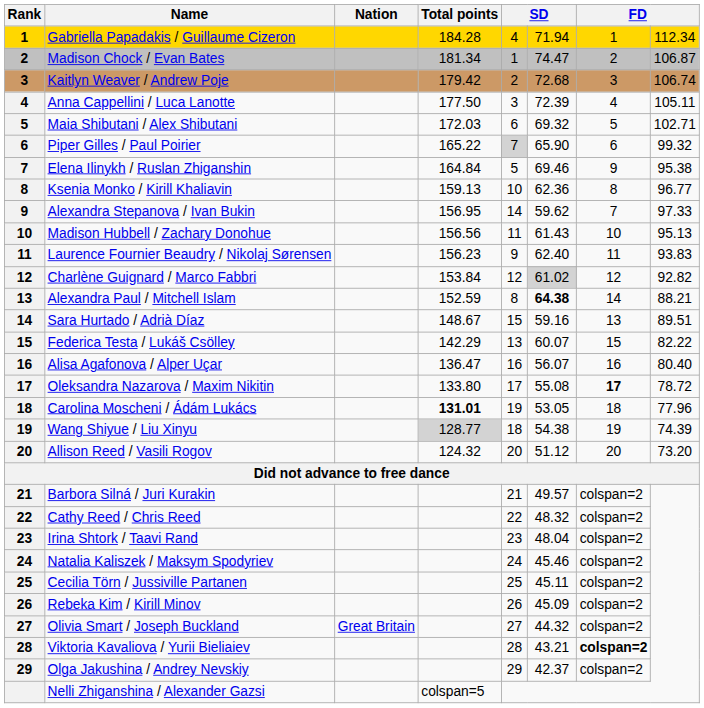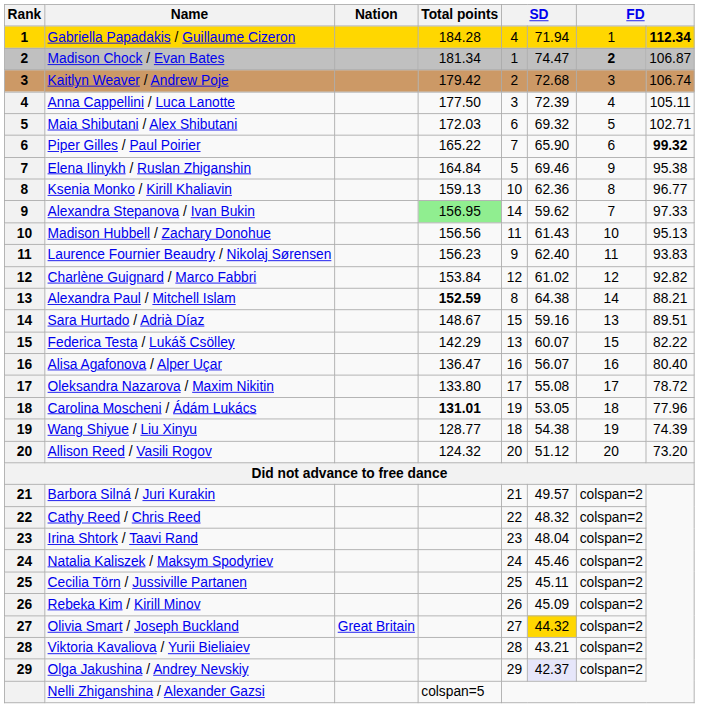 <table class="wikitable sortable">
 <tr>
 <th>Rank</th>
 <th>Name</th>
 <th>Nation</th>
 <th>Total points</th>
 <th colspan="2" width="80px"><a href='#'>SD</a></th>
 <th colspan="2" width="80px"><a href='#'>FD</a></th>
 </tr>
 <tr bgcolor="gold">
 <td align="center"><strong>1</strong></td>
 <td><a href='#'>Gabriella Papadakis</a> / <a href='#'>Guillaume Cizeron</a></td>
 <td></td>
 <td align="center">184.28</td>
 <td align="center">4</td>
 <td align="center">71.94</td>
 <td align="center">1</td>
-<td align="center">112.34</td>
+<td align="center"><strong>112.34</strong></td>
 </tr>
 <tr bgcolor="silver">
 <td align="center"><strong>2</strong></td>
 <td><a href='#'>Madison Chock</a> / <a href='#'>Evan Bates</a></td>
 <td></td>
 <td align="center">181.34</td>
 <td align="center">1</td>
 <td align="center">74.47</td>
-<td align="center">2</td>
+<td align="center"><strong>2</strong></td>
 <td align="center">106.87</td>
 </tr>
 <tr bgcolor="cc9966">
 <td align="center"><strong>3</strong></td>
 <td><a href='#'>Kaitlyn Weaver</a> / <a href='#'>Andrew Poje</a></td>
 <td></td>
 <td align="center">179.42</td>
 <td align="center">2</td>
 <td align="center">72.68</td>
 <td align="center">3</td>
 <td align="center">106.74</td>
 </tr>
 <tr>
 <th>4</th>
 <td><a href='#'>Anna Cappellini</a> / <a href='#'>Luca Lanotte</a></td>
 <td></td>
 <td align="center">177.50</td>
 <td align="center">3</td>
 <td align="center">72.39</td>
 <td align="center">4</td>
 <td align="center">105.11</td>
 </tr>
 <tr>
 <th>5</th>
 <td><a href='#'>Maia Shibutani</a> / <a href='#'>Alex Shibutani</a></td>
 <td></td>
 <td align="center">172.03</td>
 <td align="center">6</td>
 <td align="center">69.32</td>
 <td align="center">5</td>
 <td align="center">102.71</td>
 </tr>
 <tr>
 <th>6</th>
 <td><a href='#'>Piper Gilles</a> / <a href='#'>Paul Poirier</a></td>
 <td></td>
 <td align="center">165.22</td>
-<td align="center" style="background: lightgrey;">7</td>
+<td align="center">7</td>
 <td align="center">65.90</td>
 <td align="center">6</td>
-<td align="center">99.32</td>
+<td align="center"><strong>99.32</strong></td>
 </tr>
 <tr>
 <th>7</th>
 <td><a href='#'>Elena Ilinykh</a> / <a href='#'>Ruslan Zhiganshin</a></td>
 <td></td>
 <td align="center">164.84</td>
 <td align="center">5</td>
 <td align="center">69.46</td>
 <td align="center">9</td>
 <td align="center">95.38</td>
 </tr>
 <tr>
 <th>8</th>
 <td><a href='#'>Ksenia Monko</a> / <a href='#'>Kirill Khaliavin</a></td>
 <td></td>
 <td align="center">159.13</td>
 <td align="center">10</td>
 <td align="center">62.36</td>
 <td align="center">8</td>
 <td align="center">96.77</td>
 </tr>
 <tr>
 <th>9</th>
 <td><a href='#'>Alexandra Stepanova</a> / <a href='#'>Ivan Bukin</a></td>
 <td></td>
-<td align="center">156.95</td>
+<td align="center" style="background: lightgreen;">156.95</td>
 <td align="center">14</td>
 <td align="center">59.62</td>
 <td align="center">7</td>
 <td align="center">97.33</td>
 </tr>
 <tr>
 <th>10</th>
 <td><a href='#'>Madison Hubbell</a> / <a href='#'>Zachary Donohue</a></td>
 <td></td>
 <td align="center">156.56</td>
 <td align="center">11</td>
 <td align="center">61.43</td>
 <td align="center">10</td>
 <td align="center">95.13</td>
 </tr>
 <tr>
 <th>11</th>
 <td><a href='#'>Laurence Fournier Beaudry</a> / <a href='#'>Nikolaj Sørensen</a></td>
 <td></td>
 <td align="center">156.23</td>
 <td align="center">9</td>
 <td align="center">62.40</td>
 <td align="center">11</td>
 <td align="center">93.83</td>
 </tr>
 <tr>
 <th>12</th>
 <td><a href='#'>Charlène Guignard</a> / <a href='#'>Marco Fabbri</a></td>
 <td></td>
 <td align="center">153.84</td>
 <td align="center">12</td>
-<td align="center" style="background: lightgrey;">61.02</td>
+<td align="center">61.02</td>
 <td align="center">12</td>
 <td align="center">92.82</td>
 </tr>
 <tr>
 <th>13</th>
 <td><a href='#'>Alexandra Paul</a> / <a href='#'>Mitchell Islam</a></td>
 <td></td>
-<td align="center">152.59</td>
+<td align="center"><strong>152.59</strong></td>
 <td align="center">8</td>
-<td align="center"><strong>64.38</strong></td>
+<td align="center">64.38</td>
 <td align="center">14</td>
 <td align="center">88.21</td>
 </tr>
 <tr>
 <th>14</th>
 <td><a href='#'>Sara Hurtado</a> / <a href='#'>Adrià Díaz</a></td>
 <td></td>
 <td align="center">148.67</td>
 <td align="center">15</td>
 <td align="center">59.16</td>
 <td align="center">13</td>
 <td align="center">89.51</td>
 </tr>
 <tr>
 <th>15</th>
 <td><a href='#'>Federica Testa</a> / <a href='#'>Lukáš Csölley</a></td>
 <td></td>
 <td align="center">142.29</td>
 <td align="center">13</td>
 <td align="center">60.07</td>
 <td align="center">15</td>
 <td align="center">82.22</td>
 </tr>
 <tr>
 <th>16</th>
 <td><a href='#'>Alisa Agafonova</a> / <a href='#'>Alper Uçar</a></td>
 <td></td>
 <td align="center">136.47</td>
 <td align="center">16</td>
 <td align="center">56.07</td>
 <td align="center">16</td>
 <td align="center">80.40</td>
 </tr>
 <tr>
 <th>17</th>
 <td><a href='#'>Oleksandra Nazarova</a> / <a href='#'>Maxim Nikitin</a></td>
 <td></td>
 <td align="center">133.80</td>
 <td align="center">17</td>
 <td align="center">55.08</td>
-<td align="center"><strong>17</strong></td>
+<td align="center">17</td>
 <td align="center">78.72</td>
 </tr>
 <tr>
 <th>18</th>
 <td><a href='#'>Carolina Moscheni</a> / <a href='#'>Ádám Lukács</a></td>
 <td></td>
 <td align="center"><strong>131.01</strong></td>
 <td align="center">19</td>
 <td align="center">53.05</td>
 <td align="center">18</td>
 <td align="center">77.96</td>
 </tr>
 <tr>
 <th>19</th>
 <td><a href='#'>Wang Shiyue</a> / <a href='#'>Liu Xinyu</a></td>
 <td></td>
-<td align="center" style="background: lightgrey;">128.77</td>
+<td align="center">128.77</td>
 <td align="center">18</td>
 <td align="center">54.38</td>
 <td align="center">19</td>
 <td align="center">74.39</td>
 </tr>
 <tr>
 <th>20</th>
 <td><a href='#'>Allison Reed</a> / <a href='#'>Vasili Rogov</a></td>
 <td></td>
 <td align="center">124.32</td>
 <td align="center">20</td>
 <td align="center">51.12</td>
 <td align="center">20</td>
 <td align="center">73.20</td>
 </tr>
 <tr>
 <th colspan=10>Did not advance to free dance</th>
 </tr>
 <tr>
 <th>21</th>
 <td><a href='#'>Barbora Silná</a> / <a href='#'>Juri Kurakin</a></td>
 <td></td>
 <td></td>
 <td align="center">21</td>
 <td align="center">49.57</td>
 <td>colspan=2 </td>
 </tr>
 <tr>
 <th>22</th>
 <td><a href='#'>Cathy Reed</a> / <a href='#'>Chris Reed</a></td>
 <td></td>
 <td></td>
 <td align="center">22</td>
 <td align="center">48.32</td>
 <td>colspan=2 </td>
 </tr>
 <tr>
 <th>23</th>
 <td><a href='#'>Irina Shtork</a> / <a href='#'>Taavi Rand</a></td>
 <td></td>
 <td></td>
 <td align="center">23</td>
 <td align="center">48.04</td>
 <td>colspan=2 </td>
 </tr>
 <tr>
 <th>24</th>
 <td><a href='#'>Natalia Kaliszek</a> / <a href='#'>Maksym Spodyriev</a></td>
 <td></td>
 <td></td>
 <td align="center">24</td>
 <td align="center">45.46</td>
 <td>colspan=2 </td>
 </tr>
 <tr>
 <th>25</th>
 <td><a href='#'>Cecilia Törn</a> / <a href='#'>Jussiville Partanen</a></td>
 <td></td>
 <td></td>
 <td align="center">25</td>
 <td align="center">45.11</td>
 <td>colspan=2 </td>
 </tr>
 <tr>
 <th>26</th>
 <td><a href='#'>Rebeka Kim</a> / <a href='#'>Kirill Minov</a></td>
 <td></td>
 <td></td>
 <td align="center">26</td>
 <td align="center">45.09</td>
 <td>colspan=2 </td>
 </tr>
 <tr>
 <th>27</th>
 <td><a href='#'>Olivia Smart</a> / <a href='#'>Joseph Buckland</a></td>
 <td> <a href='#'>Great Britain</a></td>
 <td></td>
 <td align="center">27</td>
-<td align="center">44.32</td>
+<td align="center" style="background: gold;">44.32</td>
 <td>colspan=2 </td>
 </tr>
 <tr>
 <th>28</th>
 <td><a href='#'>Viktoria Kavaliova</a> / <a href='#'>Yurii Bieliaiev</a></td>
 <td></td>
 <td></td>
 <td align="center">28</td>
 <td align="center">43.21</td>
-<td><strong>colspan=2 </strong></td>
+<td>colspan=2 </td>
 </tr>
 <tr>
 <th>29</th>
 <td><a href='#'>Olga Jakushina</a> / <a href='#'>Andrey Nevskiy</a></td>
 <td></td>
 <td></td>
 <td align="center">29</td>
-<td align="center">42.37</td>
+<td align="center" style="background: lavender;">42.37</td>
 <td>colspan=2 </td>
 </tr>
 <tr>
 <th></th>
 <td><a href='#'>Nelli Zhiganshina</a> / <a href='#'>Alexander Gazsi</a></td>
 <td></td>
 <td>colspan=5 </td>
 </tr>
 </table>
